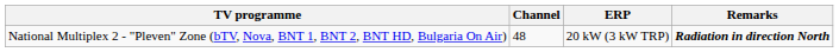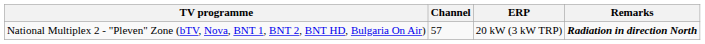 <table class="wikitable">
 <tr>
 <th>TV programme</th>
 <th>Channel</th>
 <th>ERP</th>
 <th>Remarks</th>
 </tr>
 <tr>
 <td>National Multiplex 2 - "Pleven" Zone (<a href='#'>bTV</a>, <a href='#'>Nova</a>, <a href='#'>BNT 1</a>, <a href='#'>BNT 2</a>, <a href='#'>BNT HD</a>, <a href='#'>Bulgaria On Air</a>)</td>
-<td>48</td>
+<td>57</td>
 <td>20 kW (3 kW TRP)</td>
 <td><strong><em>Radiation in direction North</em></strong></td>
 </tr>
 </table>
